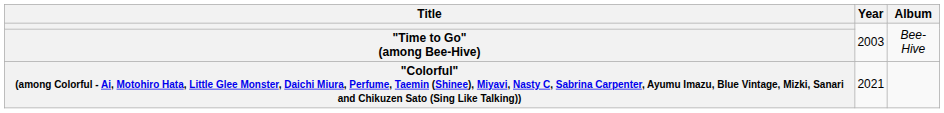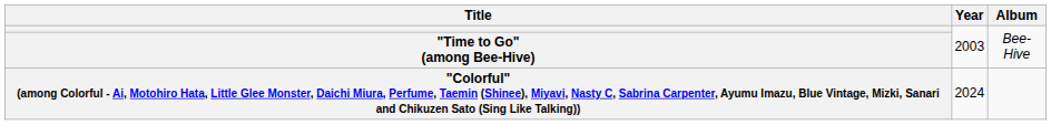 <table class="wikitable plainrowheaders" style="text-align:center;">
 <tr>
 <th scope="col">Title</th>
 <th scope="col">Year</th>
 <th scope="col">Album</th>
 </tr>
 <tr>
 <th scope="row"></th>
 <td rowspan="2">2003</td>
 <td rowspan="2"><em>Bee-Hive</em></td>
 </tr>
 <tr>
 <th scope="row">"Time to Go"<br><span>(among Bee-Hive)</span></th>
 </tr>
 <tr>
 <th scope="row">"Colorful"<br><small>(among Colorful - <a href='#'>Ai</a>, <a href='#'>Motohiro Hata</a>, <a href='#'>Little Glee Monster</a>, <a href='#'>Daichi Miura</a>, <a href='#'>Perfume</a>, <a href='#'>Taemin</a> (<a href='#'>Shinee</a>), <a href='#'>Miyavi</a>, <a href='#'>Nasty C</a>, <a href='#'>Sabrina Carpenter</a>, Ayumu Imazu, Blue Vintage, Mizki, Sanari and Chikuzen Sato (Sing Like Talking))</small></th>
-<td>2021</td>
+<td>2024</td>
 <td></td>
 </tr>
 </table>
